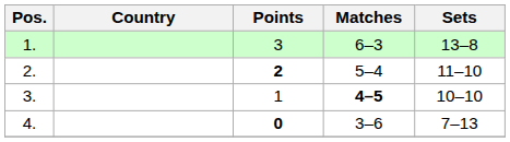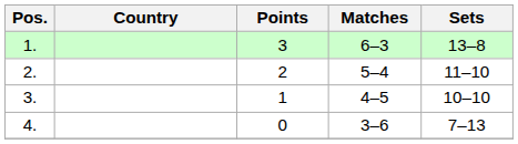 <table class="wikitable" style="text-align:center;">
 <tr>
 <th width=40>Pos.</th>
 <th width=165>Country</th>
 <th width=80>Points</th>
 <th width=80>Matches</th>
 <th width=80>Sets</th>
 </tr>
 <tr style="background:#ccffcc;">
 <td>1.</td>
 <td style="text-align:left;"></td>
 <td>3</td>
 <td>6–3</td>
 <td>13–8</td>
 </tr>
 <tr style="background:#ffffff;">
 <td>2.</td>
 <td style="text-align:left;"></td>
-<td><strong>2</strong></td>
+<td>2</td>
 <td>5–4</td>
 <td>11–10</td>
 </tr>
 <tr style="background:#ffffff;">
 <td>3.</td>
 <td style="text-align:left;"></td>
 <td>1</td>
-<td><strong>4–5</strong></td>
+<td>4–5</td>
 <td>10–10</td>
 </tr>
 <tr style="background:#ffffff;">
 <td>4.</td>
 <td style="text-align:left;"></td>
-<td><strong>0</strong></td>
+<td>0</td>
 <td>3–6</td>
 <td>7–13</td>
 </tr>
 <tr style="background:#ffffff;">
 </tr>
 </table>
